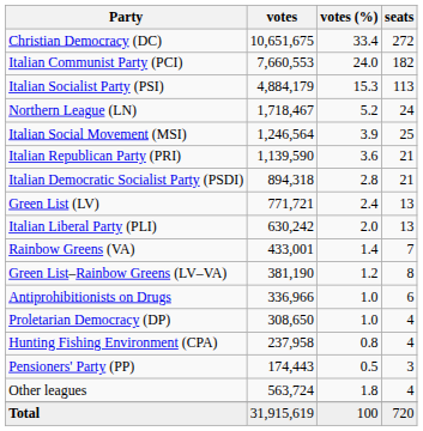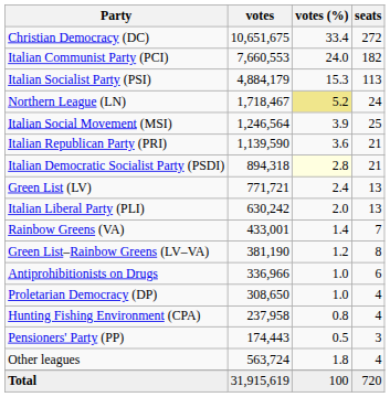 <table class="wikitable" style="font-size: 90%;">
 <tr bgcolor="EFEFEF">
 <th>Party</th>
 <th>votes</th>
 <th>votes (%)</th>
 <th>seats</th>
 </tr>
 <tr>
 <td><a href='#'>Christian Democracy</a> (DC)</td>
 <td align=right>10,651,675</td>
 <td align=right>33.4</td>
 <td align=right>272</td>
 </tr>
 <tr>
 <td><a href='#'>Italian Communist Party</a> (PCI)</td>
 <td align=right>7,660,553</td>
 <td align=right>24.0</td>
 <td align=right>182</td>
 </tr>
 <tr>
 <td><a href='#'>Italian Socialist Party</a> (PSI)</td>
 <td align=right>4,884,179</td>
 <td align=right>15.3</td>
 <td align=right>113</td>
 </tr>
 <tr>
 <td><a href='#'>Northern League</a> (LN)</td>
 <td align=right>1,718,467</td>
-<td align=right>5.2</td>
+<td align=right style="background: khaki;">5.2</td>
 <td align=right>24</td>
 </tr>
 <tr>
 <td><a href='#'>Italian Social Movement</a> (MSI)</td>
 <td align=right>1,246,564</td>
 <td align=right>3.9</td>
 <td align=right>25</td>
 </tr>
 <tr>
 <td><a href='#'>Italian Republican Party</a> (PRI)</td>
 <td align=right>1,139,590</td>
 <td align=right>3.6</td>
 <td align=right>21</td>
 </tr>
 <tr>
 <td><a href='#'>Italian Democratic Socialist Party</a> (PSDI)</td>
 <td align=right>894,318</td>
-<td align=right>2.8</td>
+<td align=right style="background: lightyellow;">2.8</td>
 <td align=right>21</td>
 </tr>
 <tr>
 <td><a href='#'>Green List</a> (LV)</td>
 <td align=right>771,721</td>
 <td align=right>2.4</td>
 <td align=right>13</td>
 </tr>
 <tr>
 <td><a href='#'>Italian Liberal Party</a> (PLI)</td>
 <td align=right>630,242</td>
 <td align=right>2.0</td>
 <td align=right>13</td>
 </tr>
 <tr>
 <td><a href='#'>Rainbow Greens</a> (VA)</td>
 <td align=right>433,001</td>
 <td align=right>1.4</td>
 <td align=right>7</td>
 </tr>
 <tr>
 <td><a href='#'>Green List</a>–<a href='#'>Rainbow Greens</a> (LV–VA)</td>
 <td align=right>381,190</td>
 <td align=right>1.2</td>
 <td align=right>8</td>
 </tr>
 <tr>
 <td><a href='#'>Antiprohibitionists on Drugs</a></td>
 <td align=right>336,966</td>
 <td align=right>1.0</td>
 <td align=right>6</td>
 </tr>
 <tr>
 <td><a href='#'>Proletarian Democracy</a> (DP)</td>
 <td align=right>308,650</td>
 <td align=right>1.0</td>
 <td align=right>4</td>
 </tr>
 <tr>
 <td><a href='#'>Hunting Fishing Environment</a> (CPA)</td>
 <td align=right>237,958</td>
 <td align=right>0.8</td>
 <td align=right>4</td>
 </tr>
 <tr>
 <td><a href='#'>Pensioners' Party</a> (PP)</td>
 <td align=right>174,443</td>
 <td align=right>0.5</td>
 <td align=right>3</td>
 </tr>
 <tr>
 <td>Other leagues</td>
 <td align=right>563,724</td>
 <td align=right>1.8</td>
 <td align=right>4</td>
 </tr>
 <tr>
 </tr>
 <tr bgcolor="EFEFEF">
 <td align=left><strong>Total</strong></td>
 <td align=right>31,915,619</td>
 <td align=right>100</td>
 <td align=right>720</td>
 </tr>
 </table>
